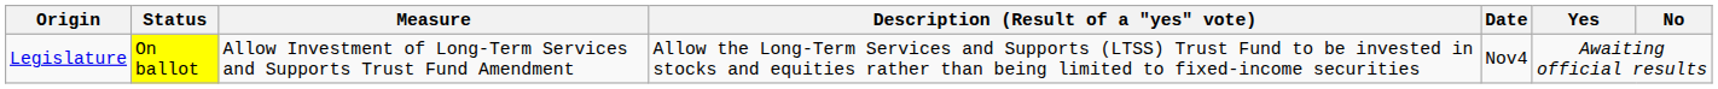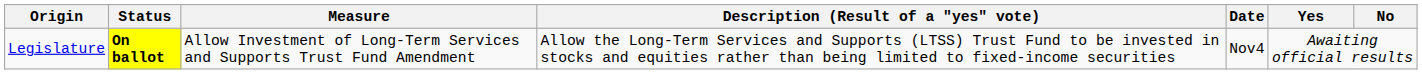 <table class="wikitable">
 <tr>
 <th>Origin</th>
 <th>Status</th>
 <th>Measure</th>
 <th>Description (Result of a "yes" vote)</th>
 <th>Date</th>
 <th>Yes</th>
 <th>No</th>
 </tr>
 <tr>
 <td><a href='#'>Legislature</a></td>
-<td style="background-color:#ffff00;">On ballot</td>
+<td style="background-color:#ffff00;"><strong>On ballot</strong></td>
 <td>Allow Investment of Long-Term Services and Supports Trust Fund Amendment</td>
 <td>Allow the Long-Term Services and Supports (LTSS) Trust Fund to be invested in stocks and equities rather than being limited to fixed-income securities</td>
 <td>Nov4</td>
 <td style="text-align:center;" colspan=2><em>Awaiting official results</em></td>
 </tr>
 </table>
